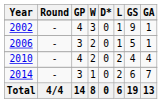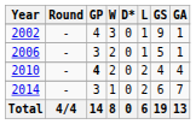 <table class="wikitable" style="text-align: center;">
 <tr>
 <th>Year</th>
 <th>Round</th>
 <th>GP</th>
 <th>W</th>
 <th>D*</th>
 <th>L</th>
 <th>GS</th>
 <th>GA</th>
 </tr>
 <tr>
 </tr>
 <tr>
 <td> <a href='#'>2002</a></td>
 <td>-</td>
 <td>4</td>
 <td>3</td>
 <td>0</td>
 <td>1</td>
 <td>9</td>
 <td>1</td>
 </tr>
 <tr>
 </tr>
 <tr>
 <td> <a href='#'>2006</a></td>
 <td>-</td>
 <td>3</td>
 <td>2</td>
 <td>0</td>
 <td>1</td>
 <td>5</td>
 <td>1</td>
 </tr>
 <tr>
 </tr>
 <tr>
 <td> <a href='#'>2010</a></td>
 <td>-</td>
-<td>4</td>
+<td><strong>4</strong></td>
 <td>2</td>
 <td>0</td>
 <td>2</td>
 <td>4</td>
 <td>4</td>
 </tr>
 <tr>
 </tr>
 <tr>
 <td> <a href='#'>2014</a></td>
 <td>-</td>
 <td>3</td>
 <td>1</td>
 <td>0</td>
 <td>2</td>
 <td>6</td>
 <td>7</td>
 </tr>
 <tr>
 <th>Total</th>
 <th>4/4</th>
 <th>14</th>
 <th>8</th>
 <th>0</th>
 <th>6</th>
 <th>19</th>
 <th>13</th>
 </tr>
 </table>
